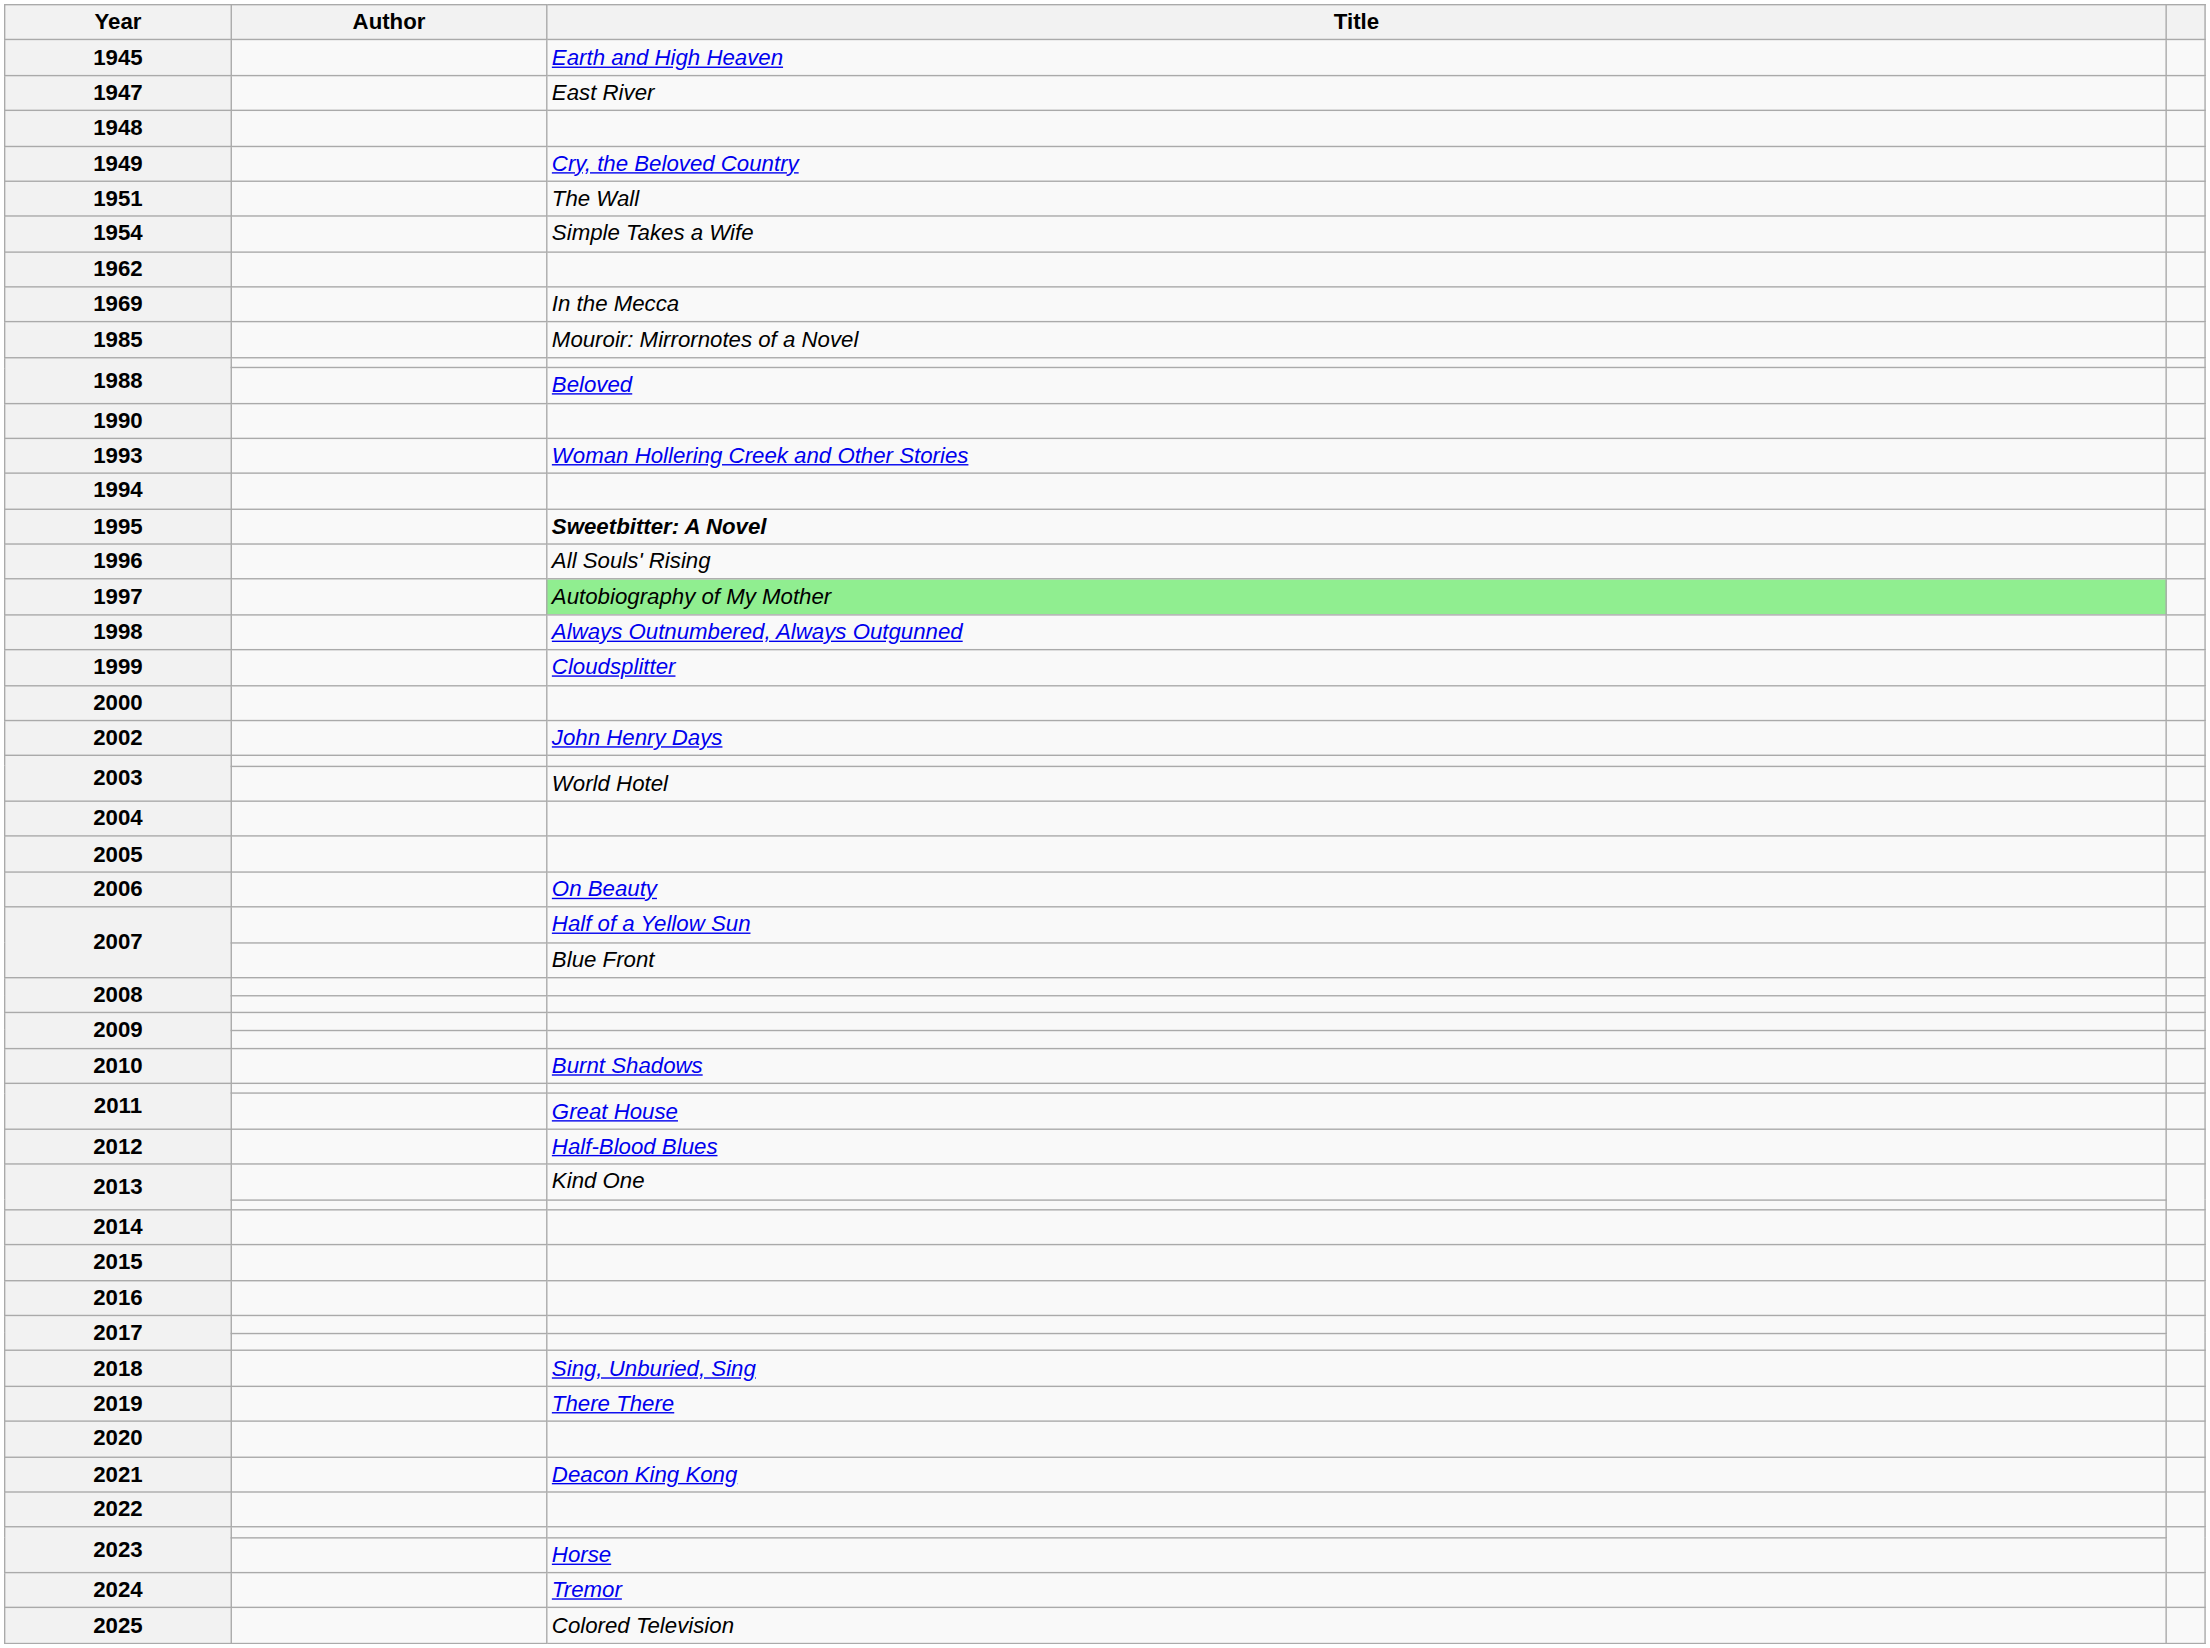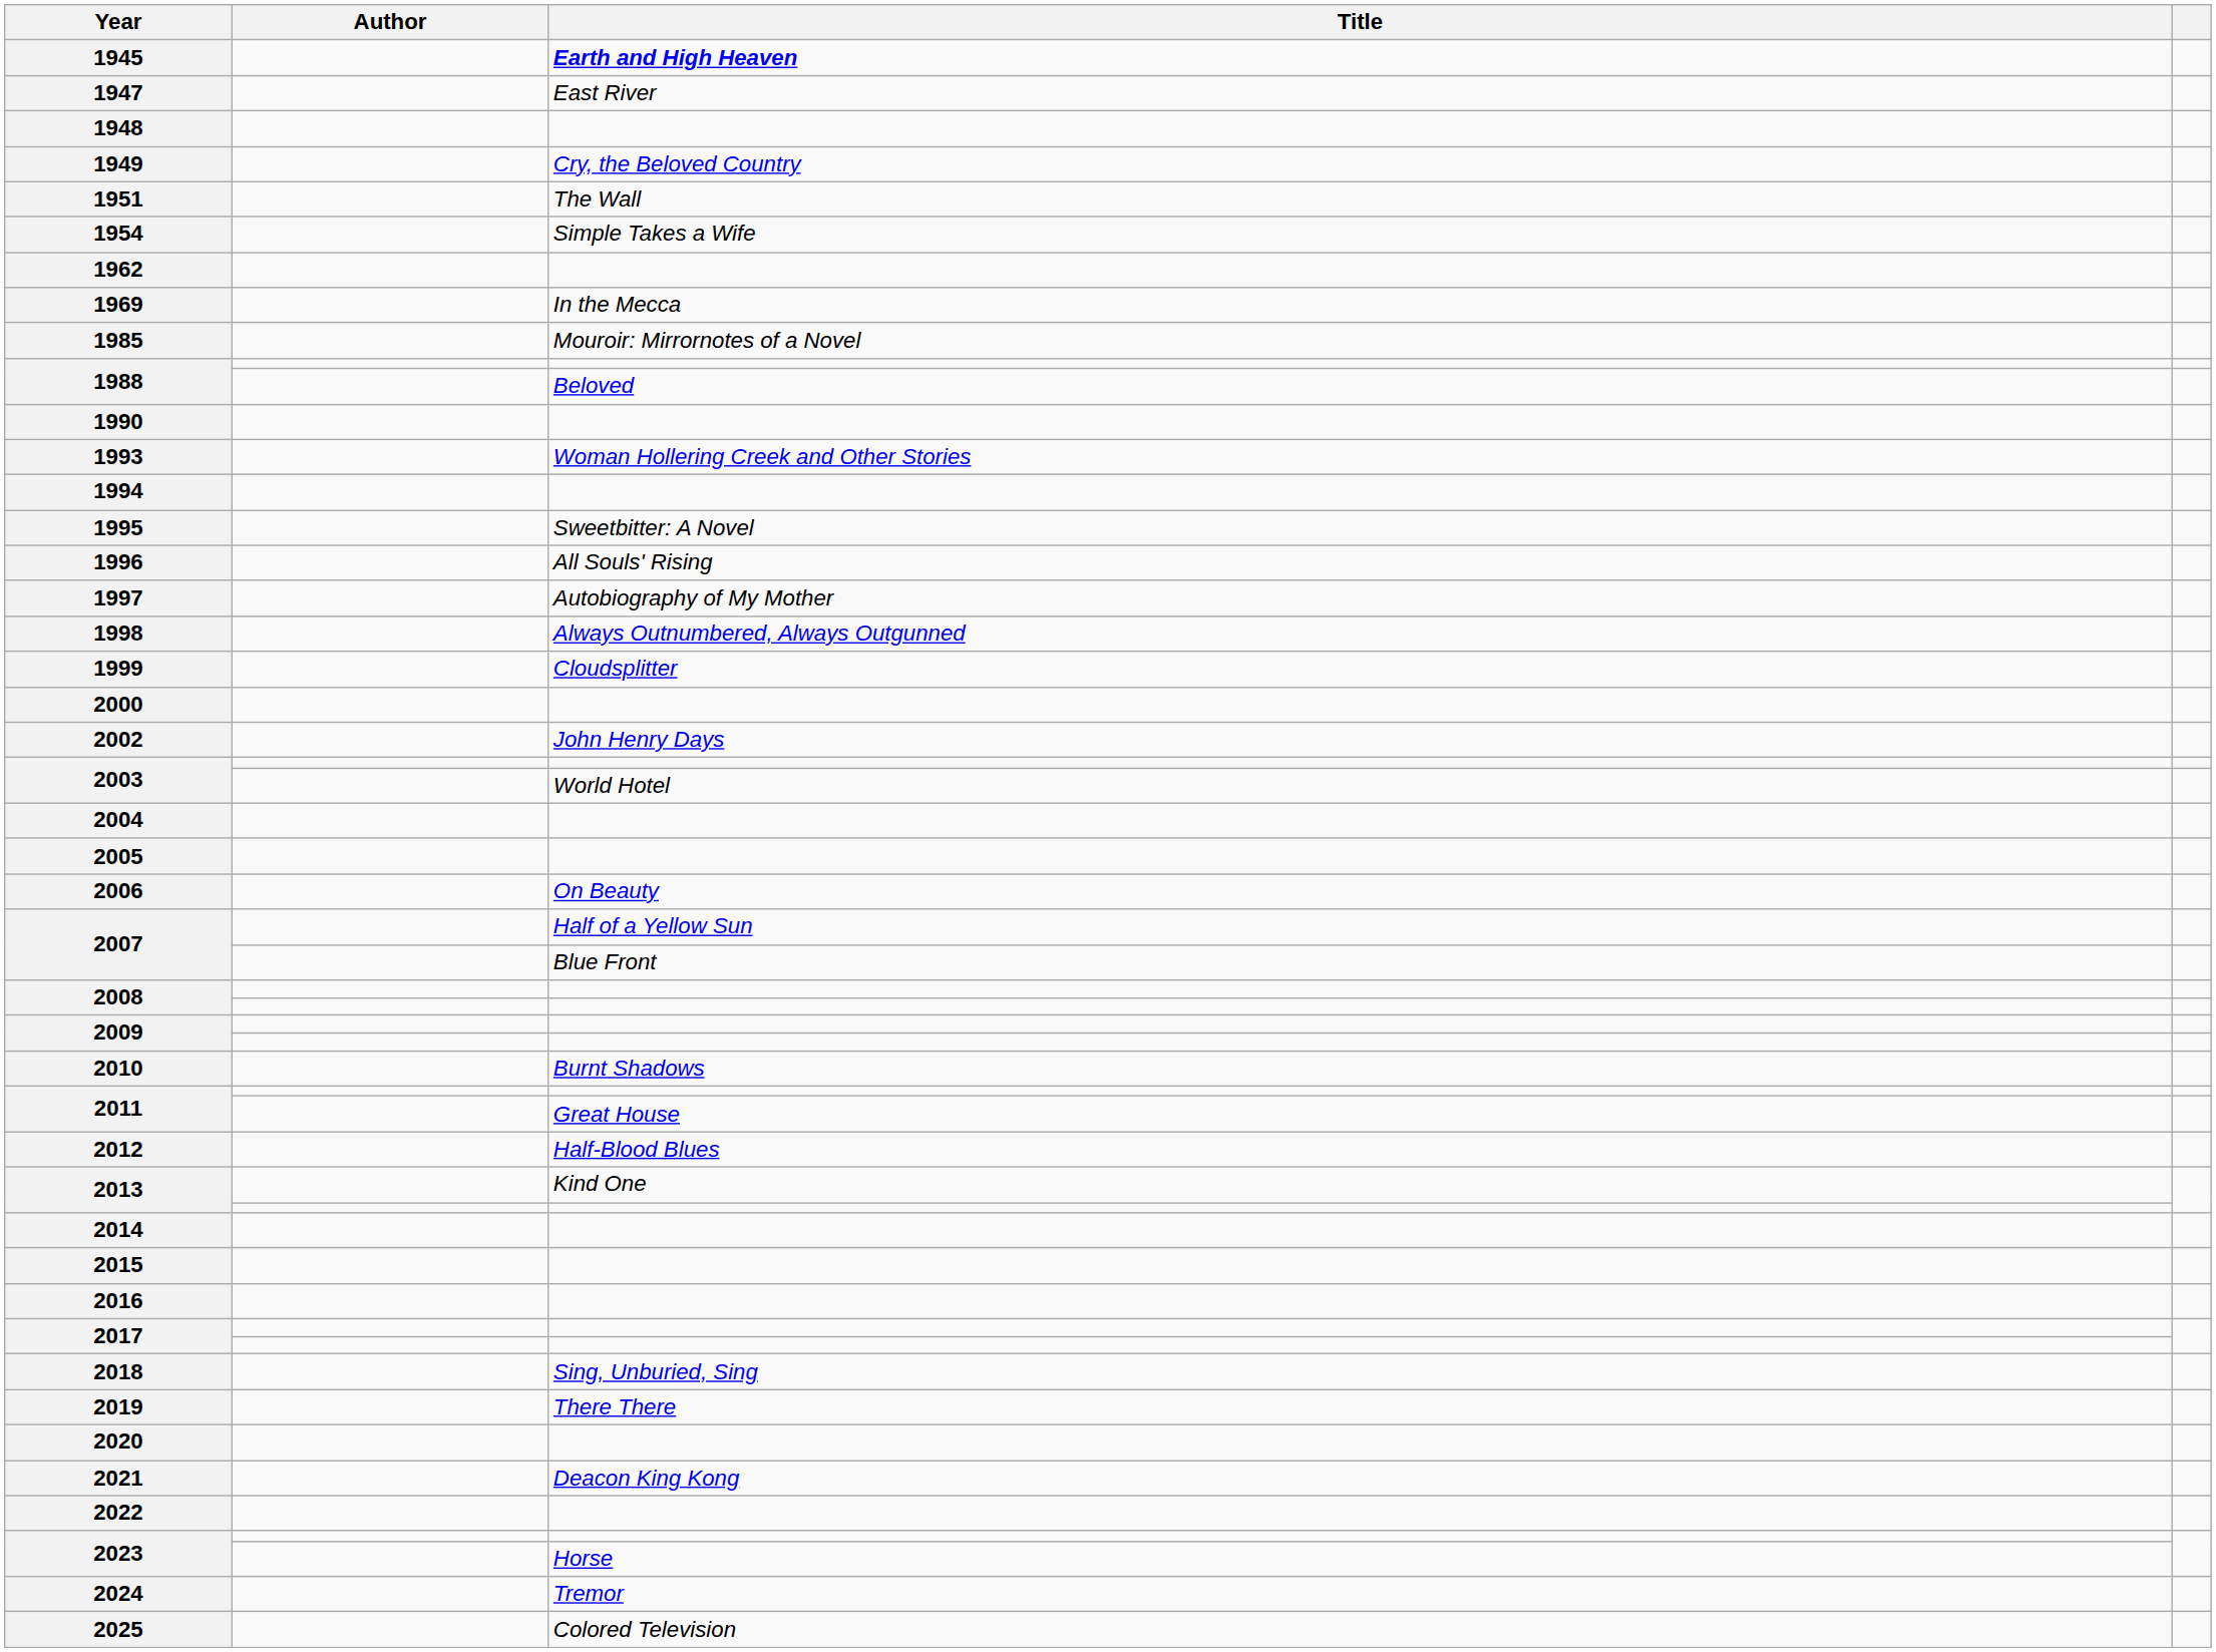 <table class="wikitable sortable mw-collapsible"  width="100%">
 <tr>
 <th scope="col">Year</th>
 <th scope="col">Author</th>
 <th scope="col">Title</th>
 <th scope="col"></th>
 </tr>
 <tr>
 <th>1945</th>
 <td></td>
-<td><em><a href='#'>Earth and High Heaven</a></em></td>
+<td><strong><em><a href='#'>Earth and High Heaven</a></em></strong></td>
 <td></td>
 </tr>
 <tr>
 <th>1947</th>
 <td></td>
 <td><em>East River</em></td>
 <td></td>
 </tr>
 <tr>
 <th>1948</th>
 <td></td>
 <td></td>
 <td></td>
 </tr>
 <tr>
 <th>1949</th>
 <td></td>
 <td><em><a href='#'>Cry, the Beloved Country</a></em></td>
 <td></td>
 </tr>
 <tr>
 <th>1951</th>
 <td></td>
 <td><em>The Wall</em></td>
 <td></td>
 </tr>
 <tr>
 <th>1954</th>
 <td></td>
 <td><em>Simple Takes a Wife</em></td>
 <td></td>
 </tr>
 <tr>
 <th>1962</th>
 <td></td>
 <td><em></em></td>
 <td></td>
 </tr>
 <tr>
 <th>1969</th>
 <td></td>
 <td><em>In the Mecca</em></td>
 <td></td>
 </tr>
 <tr>
 <th>1985</th>
 <td></td>
 <td><em>Mouroir: Mirrornotes of a Novel</em></td>
 <td></td>
 </tr>
 <tr>
 <th rowspan="2">1988</th>
 <td></td>
 <td></td>
 <td></td>
 </tr>
 <tr>
 <td></td>
 <td><em><a href='#'>Beloved</a></em></td>
 <td></td>
 </tr>
 <tr>
 <th>1990</th>
 <td></td>
 <td><em></em></td>
 <td></td>
 </tr>
 <tr>
 <th>1993</th>
 <td></td>
 <td><em><a href='#'>Woman Hollering Creek and Other Stories</a></em></td>
 <td></td>
 </tr>
 <tr>
 <th>1994</th>
 <td></td>
 <td></td>
 <td></td>
 </tr>
 <tr>
 <th>1995</th>
 <td></td>
-<td><strong><em>Sweetbitter: A Novel</em></strong></td>
+<td><em>Sweetbitter: A Novel</em></td>
 <td></td>
 </tr>
 <tr>
 <th>1996</th>
 <td></td>
 <td><em>All Souls' Rising</em></td>
 <td></td>
 </tr>
 <tr>
 <th>1997</th>
 <td></td>
-<td style="background: lightgreen;"><em>Autobiography of My Mother</em></td>
+<td><em>Autobiography of My Mother</em></td>
 <td></td>
 </tr>
 <tr>
 <th>1998</th>
 <td></td>
 <td><em><a href='#'>Always Outnumbered, Always Outgunned</a></em></td>
 <td></td>
 </tr>
 <tr>
 <th>1999</th>
 <td></td>
 <td><em><a href='#'>Cloudsplitter</a></em></td>
 <td></td>
 </tr>
 <tr>
 <th>2000</th>
 <td></td>
 <td></td>
 <td></td>
 </tr>
 <tr>
 <th>2002</th>
 <td></td>
 <td><em><a href='#'>John Henry Days</a></em></td>
 <td></td>
 </tr>
 <tr>
 <th rowspan="2">2003</th>
 <td></td>
 <td></td>
 <td></td>
 </tr>
 <tr>
 <td></td>
 <td><em>World Hotel</em></td>
 <td></td>
 </tr>
 <tr>
 <th>2004</th>
 <td></td>
 <td></td>
 <td></td>
 </tr>
 <tr>
 <th>2005</th>
 <td></td>
 <td></td>
 <td></td>
 </tr>
 <tr>
 <th>2006</th>
 <td></td>
 <td><em><a href='#'>On Beauty</a></em></td>
 <td></td>
 </tr>
 <tr>
 <th rowspan="2">2007</th>
 <td></td>
 <td><em><a href='#'>Half of a Yellow Sun</a></em></td>
 <td></td>
 </tr>
 <tr>
 <td></td>
 <td><em>Blue Front</em></td>
 <td></td>
 </tr>
 <tr>
 <th rowspan="2">2008</th>
 <td></td>
 <td></td>
 <td></td>
 </tr>
 <tr>
 <td></td>
 <td></td>
 <td></td>
 </tr>
 <tr>
 <th rowspan="2">2009</th>
 <td></td>
 <td></td>
 <td></td>
 </tr>
 <tr>
 <td></td>
 <td></td>
 <td></td>
 </tr>
 <tr>
 <th>2010</th>
 <td></td>
 <td><em><a href='#'>Burnt Shadows</a></em></td>
 <td></td>
 </tr>
 <tr>
 <th rowspan="2">2011</th>
 <td></td>
 <td></td>
 <td></td>
 </tr>
 <tr>
 <td></td>
 <td><em><a href='#'>Great House</a></em></td>
 <td></td>
 </tr>
 <tr>
 <th>2012</th>
 <td></td>
 <td><em><a href='#'>Half-Blood Blues</a></em></td>
 <td></td>
 </tr>
 <tr>
 <th rowspan="2">2013</th>
 <td></td>
 <td><em>Kind One</em></td>
 <td rowspan="2"></td>
 </tr>
 <tr>
 <td></td>
 <td></td>
 </tr>
 <tr>
 <th>2014</th>
 <td></td>
 <td></td>
 <td></td>
 </tr>
 <tr>
 <th>2015</th>
 <td></td>
 <td></td>
 <td></td>
 </tr>
 <tr>
 <th>2016</th>
 <td></td>
 <td></td>
 <td></td>
 </tr>
 <tr>
 <th rowspan="2">2017</th>
 <td></td>
 <td></td>
 <td rowspan="2"></td>
 </tr>
 <tr>
 <td></td>
 <td></td>
 </tr>
 <tr>
 <th>2018</th>
 <td></td>
 <td><em><a href='#'>Sing, Unburied, Sing</a></em></td>
 <td></td>
 </tr>
 <tr>
 <th>2019</th>
 <td></td>
 <td><em><a href='#'>There There</a></em></td>
 <td></td>
 </tr>
 <tr>
 <th>2020</th>
 <td></td>
 <td></td>
 <td></td>
 </tr>
 <tr>
 <th>2021</th>
 <td></td>
 <td><em><a href='#'>Deacon King Kong</a></em></td>
 <td></td>
 </tr>
 <tr>
 <th>2022</th>
 <td></td>
 <td></td>
 <td></td>
 </tr>
 <tr>
 <th rowspan="2">2023</th>
 <td></td>
 <td></td>
 <td rowspan="2"></td>
 </tr>
 <tr>
 <td></td>
 <td><em><a href='#'>Horse</a></em></td>
 </tr>
 <tr>
 <th>2024</th>
 <td></td>
 <td><em><a href='#'>Tremor</a></em></td>
 <td></td>
 </tr>
 <tr>
 <th>2025</th>
 <td></td>
 <td><em>Colored Television</em></td>
 <td></td>
 </tr>
 </table>
